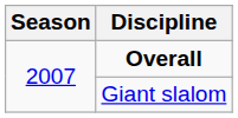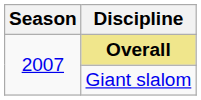 <table class="wikitable">
 <tr>
 <th>Season</th>
 <th>Discipline</th>
 </tr>
 <tr align=center>
 <td rowspan=2><a href='#'>2007</a></td>
-<td><strong>Overall</strong></td>
+<td style="background: khaki;"><strong>Overall</strong></td>
 </tr>
 <tr>
 <td align=center><a href='#'>Giant slalom</a></td>
 </tr>
 </table>
